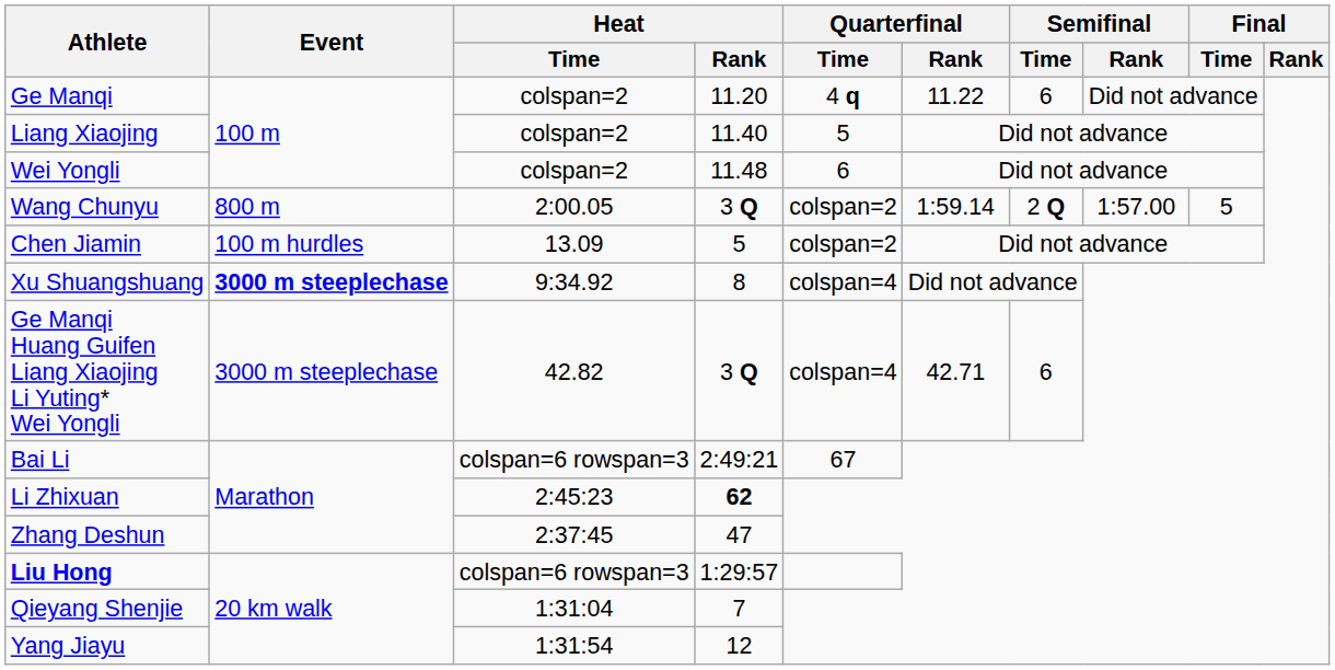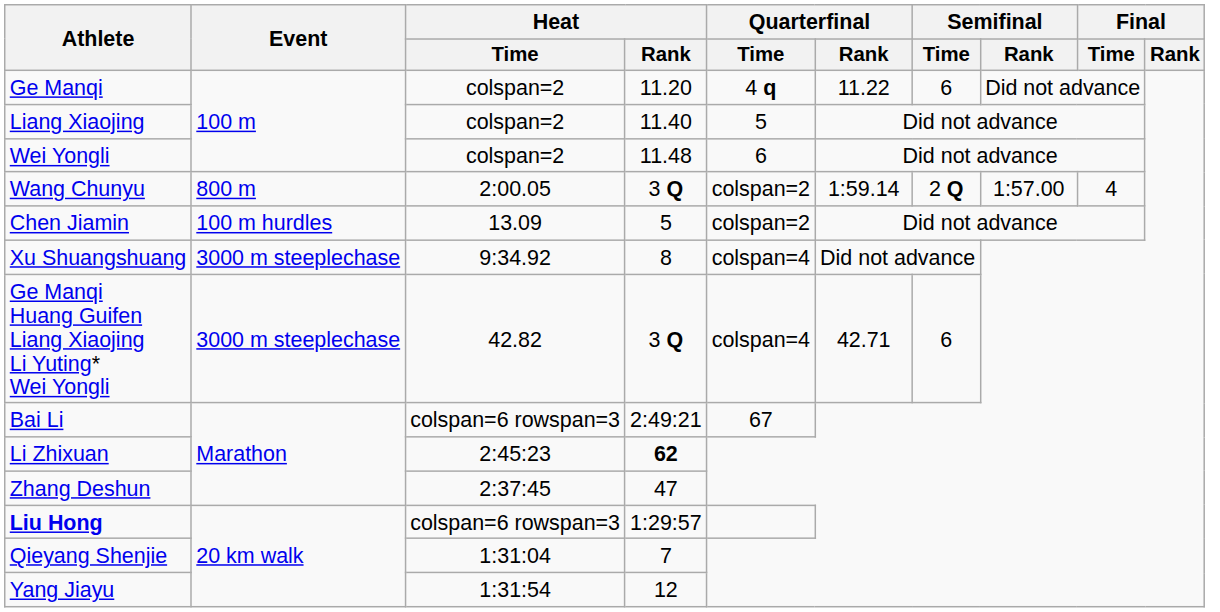 <table class=wikitable style=font-size:90%;text-align:center>
 <tr>
 <th rowspan=2>Athlete</th>
 <th rowspan=2>Event</th>
 <th colspan=2>Heat</th>
 <th colspan=2>Quarterfinal</th>
 <th colspan=2>Semifinal</th>
 <th colspan=2>Final</th>
 </tr>
 <tr style=font-size:95%>
 <th>Time</th>
 <th>Rank</th>
 <th>Time</th>
 <th>Rank</th>
 <th>Time</th>
 <th>Rank</th>
 <th>Time</th>
 <th>Rank</th>
 </tr>
 <tr>
 <td align=left><a href='#'>Ge Manqi</a></td>
 <td align=left rowspan=3><a href='#'>100 m</a></td>
 <td>colspan=2 </td>
 <td>11.20</td>
 <td>4 <strong>q</strong></td>
 <td>11.22</td>
 <td>6</td>
 <td colspan=2>Did not advance</td>
 </tr>
 <tr>
 <td align=left><a href='#'>Liang Xiaojing</a></td>
 <td>colspan=2 </td>
 <td>11.40</td>
 <td>5</td>
 <td colspan=4>Did not advance</td>
 </tr>
 <tr>
 <td align=left><a href='#'>Wei Yongli</a></td>
 <td>colspan=2 </td>
 <td>11.48</td>
 <td>6</td>
 <td colspan=4>Did not advance</td>
 </tr>
 <tr>
 <td align=left><a href='#'>Wang Chunyu</a></td>
 <td align=left><a href='#'>800 m</a></td>
 <td>2:00.05</td>
 <td>3 <strong>Q</strong></td>
 <td>colspan=2 </td>
 <td>1:59.14</td>
 <td>2 <strong>Q</strong></td>
 <td>1:57.00</td>
-<td>5</td>
+<td>4</td>
 </tr>
 <tr>
 <td align=left><a href='#'>Chen Jiamin</a></td>
 <td align=left><a href='#'>100 m hurdles</a></td>
 <td>13.09</td>
 <td>5</td>
 <td>colspan=2 </td>
 <td colspan=4>Did not advance</td>
 </tr>
 <tr>
 <td align=left><a href='#'>Xu Shuangshuang</a></td>
-<td align=left><strong><a href='#'>3000 m steeplechase</a></strong></td>
+<td align=left><a href='#'>3000 m steeplechase</a></td>
 <td>9:34.92</td>
 <td>8</td>
 <td>colspan=4 </td>
 <td colspan=2>Did not advance</td>
 </tr>
 <tr>
 <td align=left><a href='#'>Ge Manqi</a><br><a href='#'>Huang Guifen</a><br><a href='#'>Liang Xiaojing</a><br><a href='#'>Li Yuting</a>*<br><a href='#'>Wei Yongli</a></td>
 <td align=left><a href='#'>3000 m steeplechase</a></td>
 <td>42.82</td>
 <td>3 <strong>Q</strong></td>
 <td>colspan=4 </td>
 <td>42.71</td>
 <td>6</td>
 </tr>
 <tr>
 <td align=left><a href='#'>Bai Li</a></td>
 <td align=left rowspan=3><a href='#'>Marathon</a></td>
 <td>colspan=6 rowspan=3 </td>
 <td>2:49:21</td>
 <td>67</td>
 </tr>
 <tr>
 <td align=left><a href='#'>Li Zhixuan</a></td>
 <td>2:45:23</td>
 <td><strong>62</strong></td>
 </tr>
 <tr>
 <td align=left><a href='#'>Zhang Deshun</a></td>
 <td>2:37:45</td>
 <td>47</td>
 </tr>
 <tr>
 <td align=left><strong><a href='#'>Liu Hong</a></strong></td>
 <td align=left rowspan=3><a href='#'>20 km walk</a></td>
 <td>colspan=6 rowspan=3 </td>
 <td>1:29:57</td>
 <td></td>
 </tr>
 <tr>
 <td align=left><a href='#'>Qieyang Shenjie</a></td>
 <td>1:31:04</td>
 <td>7</td>
 </tr>
 <tr>
 <td align=left><a href='#'>Yang Jiayu</a></td>
 <td>1:31:54</td>
 <td>12</td>
 </tr>
 </table>
